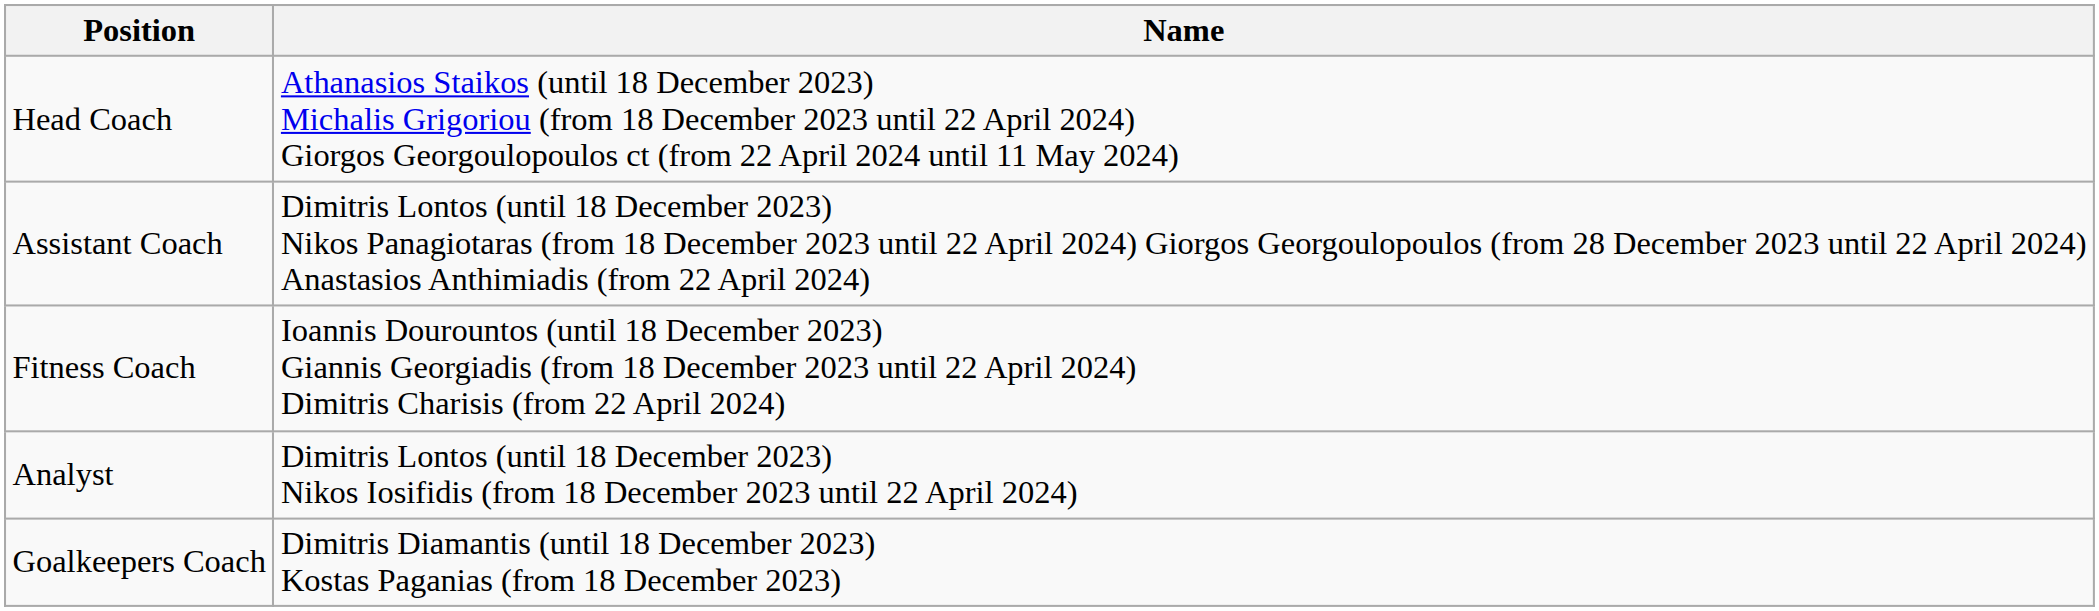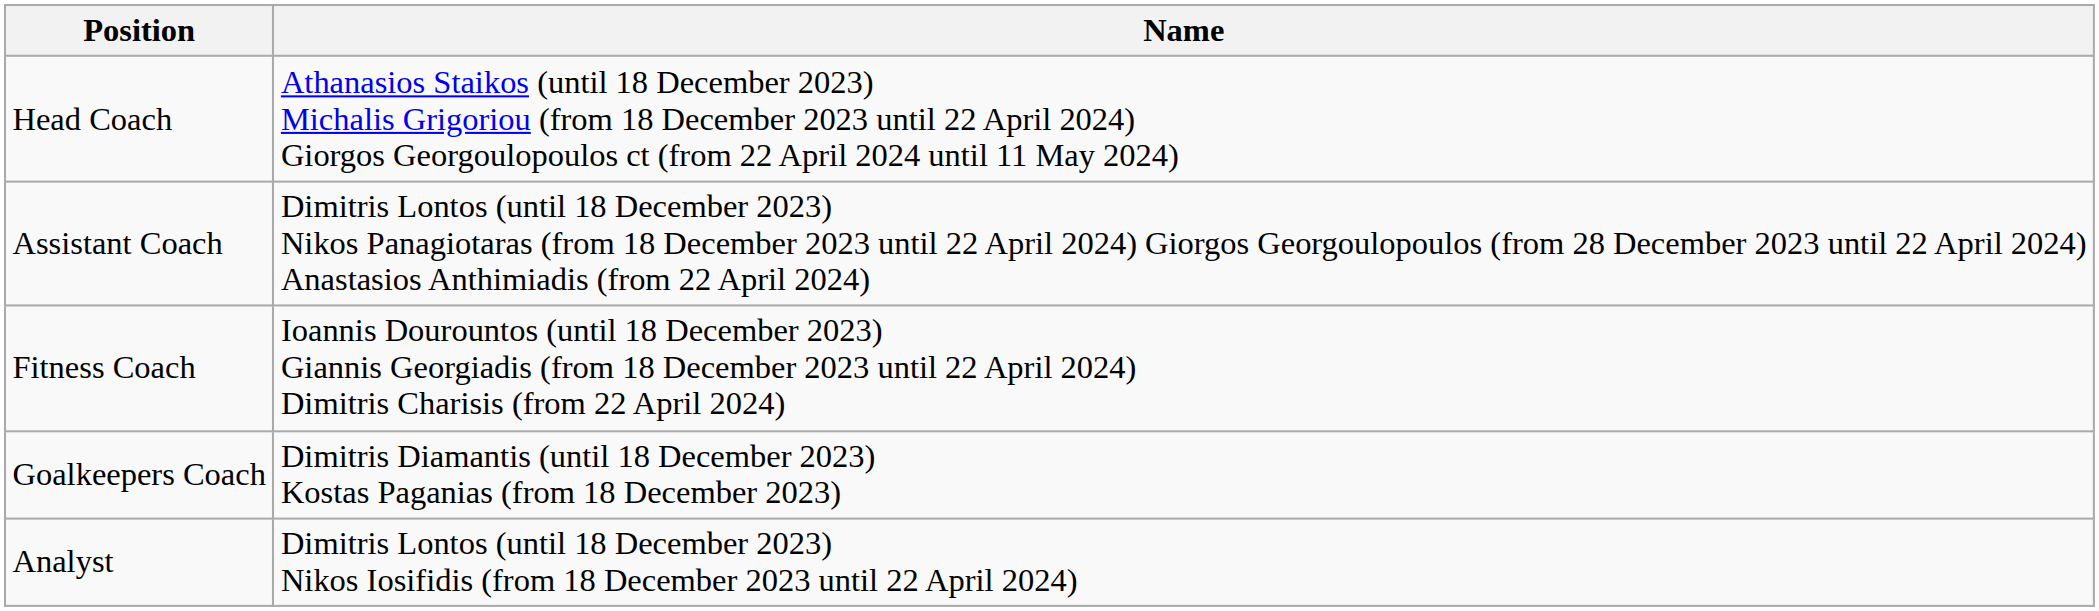 <table class="wikitable">
 <tr>
 <th>Position</th>
 <th>Name</th>
 </tr>
 <tr>
 <td>Head Coach</td>
 <td><a href='#'>Athanasios Staikos</a> (until 18 December 2023)<br><a href='#'>Michalis Grigoriou</a> (from 18 December 2023 until 22 April 2024)<br>Giorgos Georgoulopoulos ct (from 22 April 2024 until 11 May 2024)</td>
 </tr>
 <tr>
 <td>Assistant Coach</td>
 <td>Dimitris Lontos (until 18 December 2023)<br>Nikos Panagiotaras (from 18 December 2023 until 22 April 2024) Giorgos Georgoulopoulos (from 28 December 2023 until 22 April 2024)<br>Anastasios Anthimiadis (from 22 April 2024)</td>
 </tr>
 <tr>
 <td>Fitness Coach</td>
 <td>Ioannis Dourountos (until 18 December 2023)<br>Giannis Georgiadis (from 18 December 2023 until 22 April 2024)<br>Dimitris Charisis (from 22 April 2024)</td>
 </tr>
 <tr>
+<td>Goalkeepers Coach</td>
+<td>Dimitris Diamantis (until 18 December 2023)<br>Kostas Paganias (from 18 December 2023)</td>
+</tr>
+<tr>
 <td>Analyst</td>
 <td>Dimitris Lontos (until 18 December 2023)<br>Nikos Iosifidis (from 18 December 2023 until 22 April 2024)</td>
 </tr>
-<tr>
-<td>Goalkeepers Coach</td>
-<td>Dimitris Diamantis (until 18 December 2023)<br>Kostas Paganias (from 18 December 2023)</td>
-</tr>
 </table>
